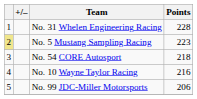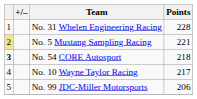 <table class="wikitable" style="font-size: 95%;">
 <tr>
 <th scope="col"></th>
 <th scope="col">+/–</th>
 <th scope="col">Team</th>
 <th scope="col">Points</th>
 </tr>
 <tr>
 <td align=center>1</td>
 <td align="left"></td>
 <td> No. 31 <a href='#'>Whelen Engineering Racing</a></td>
 <td align=right>228</td>
 </tr>
 <tr>
 <td align=center style="background: khaki;">2</td>
 <td align="left"></td>
 <td> No. 5 <a href='#'>Mustang Sampling Racing</a></td>
-<td align=right>223</td>
+<td align=right>221</td>
 </tr>
 <tr>
-<td align=center>3</td>
+<td align=center><strong>3</strong></td>
 <td align="left"></td>
 <td> No. 54 <a href='#'>CORE Autosport</a></td>
 <td align=right>218</td>
 </tr>
 <tr>
 <td align=center>4</td>
 <td align="left"></td>
 <td> No. 10 <a href='#'>Wayne Taylor Racing</a></td>
-<td align=right>216</td>
+<td align=right>217</td>
 </tr>
 <tr>
 <td align=center>5</td>
 <td align="left"></td>
 <td> No. 99 <a href='#'>JDC-Miller Motorsports</a></td>
 <td align=right>206</td>
 </tr>
 <tr>
 </tr>
 </table>
